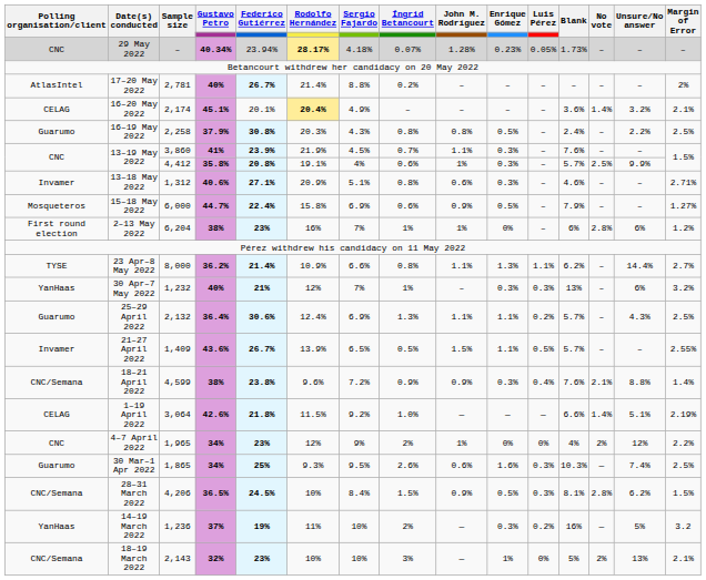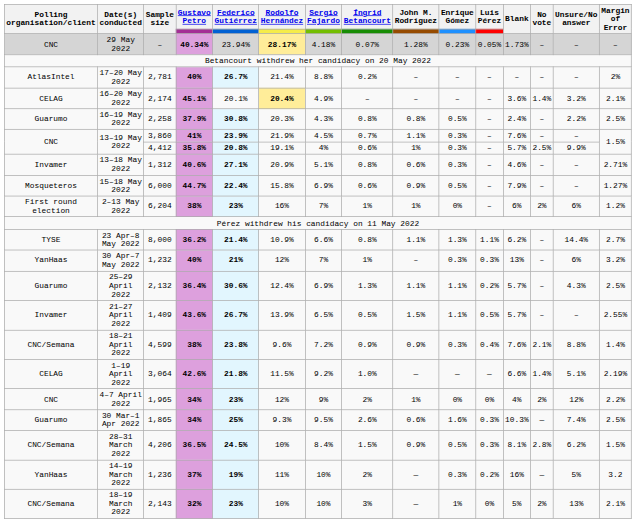 <table class="wikitable" style="text-align:center;font-size:85%;line-height:5x">
 <tr>
 <th rowspan=2>Polling organisation/client</th>
 <th rowspan=2>Date(s) conducted</th>
 <th rowspan=2>Sample<br>size</th>
 <th style="width:30px;"><a href='#'>Gustavo Petro</a><br></th>
 <th style="width:30px;"><a href='#'>Federico Gutiérrez</a><br></th>
 <th style="width:30px;"><a href='#'>Rodolfo Hernández</a><br></th>
 <th style="width:30px;"><a href='#'>Sergio Fajardo</a><br></th>
 <th style="width:30px;"><a href='#'>Íngrid Betancourt</a><br></th>
 <th style="width:30px;">John M. Rodríguez<br></th>
 <th style="width:30px;">Enrique Gómez<br></th>
 <th style="width:30px;">Luis Pérez<br></th>
 <th rowspan=2 style="width:30px;">Blank</th>
 <th rowspan=2 style="width:30px;">No vote</th>
 <th rowspan=2 style="width:30px;">Unsure/No answer</th>
 <th rowspan=2 style="width:30px;">Margin of Error</th>
 </tr>
 <tr>
 <th style="background:#A42F95;"></th>
 <th style="background:#0061D3;"></th>
 <th style="background:#F5EC49;"></th>
 <th style="background:#73BE01;"></th>
 <th style="background:#178D04;"></th>
 <th style="background:#964B00;"></th>
 <th style="background:#1E90FF;"></th>
 <th style="background:#FF0000;"></th>
 </tr>
 <tr style="background:#D5D5D5;">
 <td>CNC</td>
 <td>29 May 2022</td>
 <td>–</td>
 <td style="background:Plum;"><strong>40.34%</strong></td>
 <td>23.94%</td>
 <td style="background:#FFED99;"><strong>28.17%</strong></td>
 <td>4.18%</td>
 <td>0.07%</td>
 <td>1.28%</td>
 <td>0.23%</td>
 <td>0.05%</td>
 <td>1.73%</td>
 <td>–</td>
 <td>–</td>
 <td>–</td>
 </tr>
 <tr>
 <td colspan="25">Betancourt withdrew her candidacy on 20 May 2022</td>
 </tr>
 <tr>
 <td>AtlasIntel</td>
 <td>17–20 May 2022</td>
 <td>2,781</td>
 <td style="background:Plum;"><strong>40%</strong></td>
 <td style="background:#e2f6fe;"><strong>26.7%</strong></td>
 <td>21.4%</td>
 <td>8.8%</td>
 <td>0.2%</td>
 <td>–</td>
 <td>–</td>
 <td>–</td>
 <td>–</td>
 <td>–</td>
 <td>–</td>
 <td>2%</td>
 </tr>
 <tr>
 <td>CELAG</td>
 <td>16–20 May 2022</td>
 <td>2,174</td>
 <td style="background:Plum;"><strong>45.1%</strong></td>
 <td>20.1%</td>
 <td style="background:#FFED99;"><strong>20.4%</strong></td>
 <td>4.9%</td>
 <td>–</td>
 <td>–</td>
 <td>–</td>
 <td>–</td>
 <td>3.6%</td>
 <td>1.4%</td>
 <td>3.2%</td>
 <td>2.1%</td>
 </tr>
 <tr>
 <td>Guarumo</td>
 <td>16–19 May 2022</td>
 <td>2,258</td>
 <td style="background:Plum;"><strong>37.9%</strong></td>
 <td style="background:#e2f6fe;"><strong>30.8%</strong></td>
 <td>20.3%</td>
 <td>4.3%</td>
 <td>0.8%</td>
 <td>0.8%</td>
 <td>0.5%</td>
 <td>–</td>
 <td>2.4%</td>
 <td>–</td>
 <td>2.2%</td>
 <td>2.5%</td>
 </tr>
 <tr>
 <td rowspan="2">CNC</td>
 <td rowspan="2">13–19 May 2022</td>
 <td>3,860</td>
 <td style="background:Plum;"><strong>41%</strong></td>
 <td style="background:#e2f6fe;"><strong>23.9%</strong></td>
 <td>21.9%</td>
 <td>4.5%</td>
 <td>0.7%</td>
 <td>1.1%</td>
 <td>0.3%</td>
 <td>–</td>
 <td>7.6%</td>
 <td>–</td>
 <td>–</td>
 <td rowspan="2">1.5%</td>
 </tr>
 <tr>
 <td>4,412</td>
 <td style="background:Plum;"><strong>35.8%</strong></td>
 <td style="background:#e2f6fe;"><strong>20.8%</strong></td>
 <td>19.1%</td>
 <td>4%</td>
 <td>0.6%</td>
 <td>1%</td>
 <td>0.3%</td>
 <td>–</td>
 <td>5.7%</td>
 <td>2.5%</td>
 <td>9.9%</td>
 </tr>
 <tr>
 <td>Invamer</td>
 <td>13–18 May 2022</td>
 <td>1,312</td>
 <td style="background:Plum;"><strong>40.6%</strong></td>
 <td style="background:#e2f6fe;"><strong>27.1%</strong></td>
 <td>20.9%</td>
 <td>5.1%</td>
 <td>0.8%</td>
 <td>0.6%</td>
 <td>0.3%</td>
 <td>–</td>
 <td>4.6%</td>
 <td>–</td>
 <td>–</td>
 <td>2.71%</td>
 </tr>
 <tr>
 <td>Mosqueteros</td>
 <td>15–18 May 2022</td>
 <td>6,000</td>
 <td style="background:Plum;"><strong>44.7%</strong></td>
 <td style="background:#e2f6fe"><strong>22.4%</strong></td>
 <td>15.8%</td>
 <td>6.9%</td>
 <td>0.6%</td>
 <td>0.9%</td>
 <td>0.5%</td>
 <td>–</td>
 <td>7.9%</td>
 <td>–</td>
 <td>–</td>
 <td>1.27%</td>
 </tr>
 <tr>
 <td>First round election</td>
 <td>2–13 May 2022</td>
 <td>6,204</td>
 <td style="background:Plum;"><strong>38%</strong></td>
 <td style="background:#e2f6fe;"><strong>23%</strong></td>
 <td>16%</td>
 <td>7%</td>
 <td>1%</td>
 <td>1%</td>
 <td>0%</td>
 <td>–</td>
 <td>6%</td>
-<td>2.8%</td>
+<td>2%</td>
 <td>6%</td>
 <td>1.2%</td>
 </tr>
 <tr>
 <td colspan="25">Pérez withdrew his candidacy on 11 May 2022</td>
 </tr>
 <tr>
 <td>TYSE</td>
 <td>23 Apr–8 May 2022</td>
 <td>8,000</td>
 <td style="background:Plum;"><strong>36.2%</strong></td>
 <td style="background:#e2f6fe"><strong>21.4%</strong></td>
 <td>10.9%</td>
 <td>6.6%</td>
 <td>0.8%</td>
 <td>1.1%</td>
 <td>1.3%</td>
 <td>1.1%</td>
 <td>6.2%</td>
 <td>–</td>
 <td>14.4%</td>
 <td>2.7%</td>
 </tr>
 <tr>
 <td>YanHaas</td>
 <td>30 Apr–7 May 2022</td>
 <td>1,232</td>
 <td style="background:Plum;"><strong>40%</strong></td>
 <td style="background:#e2f6fe;"><strong>21%</strong></td>
 <td>12%</td>
 <td>7%</td>
 <td>1%</td>
 <td>–</td>
 <td>0.3%</td>
 <td>0.3%</td>
 <td>13%</td>
 <td>–</td>
 <td>6%</td>
 <td>3.2%</td>
 </tr>
 <tr>
 <td>Guarumo</td>
 <td>25–29 April 2022</td>
 <td>2,132</td>
 <td style="background:Plum;"><strong>36.4%</strong></td>
 <td style="background:#e2f6fe;"><strong>30.6%</strong></td>
 <td>12.4%</td>
 <td>6.9%</td>
 <td>1.3%</td>
 <td>1.1%</td>
 <td>1.1%</td>
 <td>0.2%</td>
 <td>5.7%</td>
 <td>–</td>
 <td>4.3%</td>
 <td>2.5%</td>
 </tr>
 <tr>
 <td>Invamer</td>
 <td>21–27 April 2022</td>
 <td>1,409</td>
 <td style="background:Plum;"><strong>43.6%</strong></td>
 <td style="background:#e2f6fe;"><strong>26.7%</strong></td>
 <td>13.9%</td>
 <td>6.5%</td>
 <td>0.5%</td>
 <td>1.5%</td>
 <td>1.1%</td>
 <td>0.5%</td>
 <td>5.7%</td>
 <td>–</td>
 <td>–</td>
 <td>2.55%</td>
 </tr>
 <tr>
 <td>CNC/Semana</td>
 <td>18–21 April 2022</td>
 <td>4,599</td>
 <td style="background:Plum; "><strong>38%</strong></td>
 <td style="background:#e2f6fe;"><strong>23.8%</strong></td>
 <td>9.6%</td>
 <td>7.2%</td>
 <td>0.9%</td>
 <td>0.9%</td>
 <td>0.3%</td>
 <td>0.4%</td>
 <td>7.6%</td>
 <td>2.1%</td>
 <td>8.8%</td>
 <td>1.4%</td>
 </tr>
 <tr>
 <td>CELAG</td>
 <td>1–19 April 2022</td>
 <td>3,064</td>
 <td style="background:Plum; "><strong>42.6%</strong></td>
 <td style="background:#e2f6fe; "><strong>21.8%</strong></td>
 <td>11.5%</td>
 <td>9.2%</td>
 <td>1.0%</td>
 <td>—</td>
 <td>—</td>
 <td>—</td>
 <td>6.6%</td>
 <td>1.4%</td>
 <td>5.1%</td>
 <td>2.19%</td>
 </tr>
 <tr>
 <td>CNC</td>
 <td>4–7 April 2022</td>
 <td>1,965</td>
 <td style="background:Plum; "><strong>34%</strong></td>
 <td style="background:#e2f6fe; "><strong>23%</strong></td>
 <td>12%</td>
 <td>9%</td>
 <td>2%</td>
 <td>1%</td>
 <td>0%</td>
 <td>0%</td>
 <td>4%</td>
 <td>2%</td>
 <td>12%</td>
 <td>2.2%</td>
 </tr>
 <tr>
 <td>Guarumo</td>
 <td>30 Mar–1 Apr 2022</td>
 <td>1,865</td>
 <td style="background:Plum; "><strong>34%</strong></td>
 <td style="background:#e2f6fe; "><strong>25%</strong></td>
 <td>9.3%</td>
 <td>9.5%</td>
 <td>2.6%</td>
 <td>0.6%</td>
 <td>1.6%</td>
 <td>0.3%</td>
 <td>10.3%</td>
 <td>—</td>
 <td>7.4%</td>
 <td>2.5%</td>
 </tr>
 <tr>
 <td>CNC/Semana</td>
 <td>28–31 March 2022</td>
 <td>4,206</td>
 <td style="background:Plum; "><strong>36.5%</strong></td>
 <td style="background:#e2f6fe; "><strong>24.5%</strong></td>
 <td>10%</td>
 <td>8.4%</td>
 <td>1.5%</td>
 <td>0.9%</td>
 <td>0.5%</td>
 <td>0.3%</td>
 <td>8.1%</td>
 <td>2.8%</td>
 <td>6.2%</td>
 <td>1.5%</td>
 </tr>
 <tr>
 <td>YanHaas</td>
 <td>14–19 March 2022</td>
 <td>1,236</td>
 <td style="background:Plum; "><strong>37%</strong></td>
 <td style="background:#e2f6fe;"><strong>19%</strong></td>
 <td>11%</td>
 <td>10%</td>
 <td>2%</td>
 <td>—</td>
 <td>0.3%</td>
 <td>0.2%</td>
 <td>16%</td>
 <td>—</td>
 <td>5%</td>
 <td>3.2</td>
 </tr>
 <tr>
 <td>CNC/Semana</td>
 <td>18–19 March 2022</td>
 <td>2,143</td>
 <td style="background:Plum; "><strong>32%</strong></td>
 <td style="background:#e2f6fe; "><strong>23%</strong></td>
 <td>10%</td>
 <td>10%</td>
 <td>3%</td>
 <td>—</td>
 <td>1%</td>
 <td>0%</td>
 <td>5%</td>
 <td>2%</td>
 <td>13%</td>
 <td>2.1%</td>
 </tr>
 </table>
